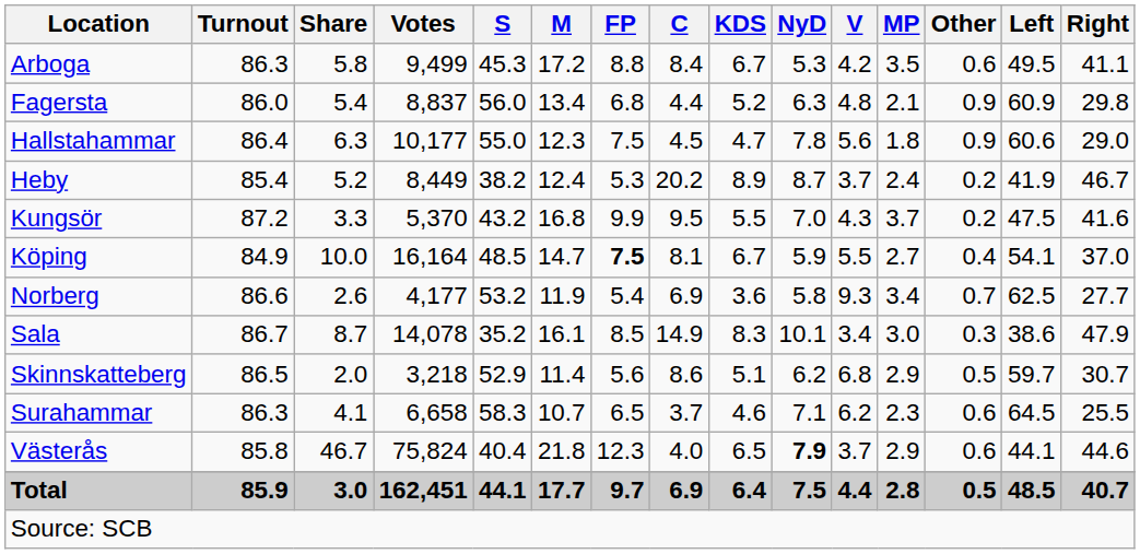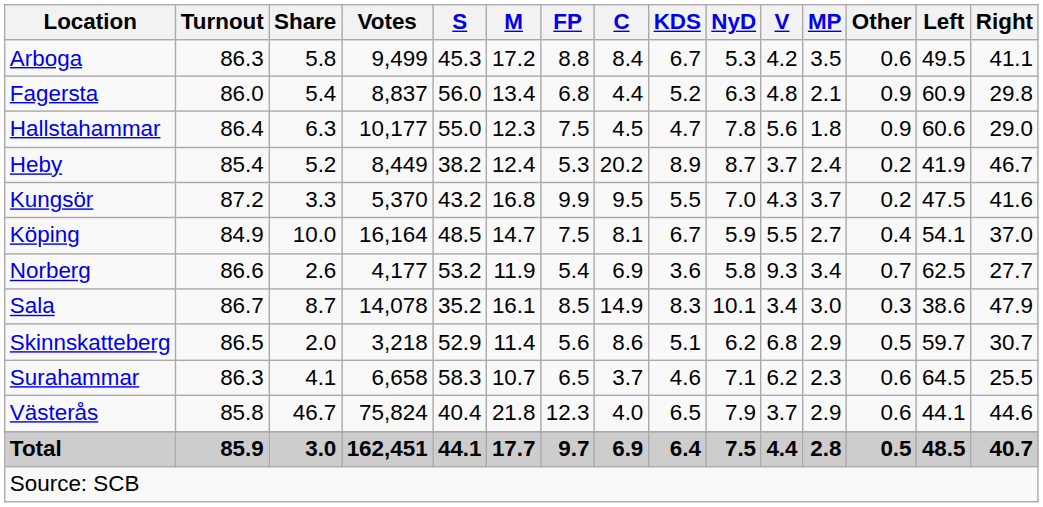 <table class="wikitable sortable" style=text-align:right>
 <tr>
 <th>Location</th>
 <th>Turnout</th>
 <th>Share</th>
 <th>Votes</th>
 <th><a href='#'>S</a></th>
 <th><a href='#'>M</a></th>
 <th><a href='#'>FP</a></th>
 <th><a href='#'>C</a></th>
 <th><a href='#'>KDS</a></th>
 <th><a href='#'>NyD</a></th>
 <th><a href='#'>V</a></th>
 <th><a href='#'>MP</a></th>
 <th>Other</th>
 <th>Left</th>
 <th>Right</th>
 </tr>
 <tr>
 <td align=left><a href='#'>Arboga</a></td>
 <td>86.3</td>
 <td>5.8</td>
 <td>9,499</td>
 <td>45.3</td>
 <td>17.2</td>
 <td>8.8</td>
 <td>8.4</td>
 <td>6.7</td>
 <td>5.3</td>
 <td>4.2</td>
 <td>3.5</td>
 <td>0.6</td>
 <td>49.5</td>
 <td>41.1</td>
 </tr>
 <tr>
 <td align=left><a href='#'>Fagersta</a></td>
 <td>86.0</td>
 <td>5.4</td>
 <td>8,837</td>
 <td>56.0</td>
 <td>13.4</td>
 <td>6.8</td>
 <td>4.4</td>
 <td>5.2</td>
 <td>6.3</td>
 <td>4.8</td>
 <td>2.1</td>
 <td>0.9</td>
 <td>60.9</td>
 <td>29.8</td>
 </tr>
 <tr>
 <td align=left><a href='#'>Hallstahammar</a></td>
 <td>86.4</td>
 <td>6.3</td>
 <td>10,177</td>
 <td>55.0</td>
 <td>12.3</td>
 <td>7.5</td>
 <td>4.5</td>
 <td>4.7</td>
 <td>7.8</td>
 <td>5.6</td>
 <td>1.8</td>
 <td>0.9</td>
 <td>60.6</td>
 <td>29.0</td>
 </tr>
 <tr>
 <td align=left><a href='#'>Heby</a></td>
 <td>85.4</td>
 <td>5.2</td>
 <td>8,449</td>
 <td>38.2</td>
 <td>12.4</td>
 <td>5.3</td>
 <td>20.2</td>
 <td>8.9</td>
 <td>8.7</td>
 <td>3.7</td>
 <td>2.4</td>
 <td>0.2</td>
 <td>41.9</td>
 <td>46.7</td>
 </tr>
 <tr>
 <td align=left><a href='#'>Kungsör</a></td>
 <td>87.2</td>
 <td>3.3</td>
 <td>5,370</td>
 <td>43.2</td>
 <td>16.8</td>
 <td>9.9</td>
 <td>9.5</td>
 <td>5.5</td>
 <td>7.0</td>
 <td>4.3</td>
 <td>3.7</td>
 <td>0.2</td>
 <td>47.5</td>
 <td>41.6</td>
 </tr>
 <tr>
 <td align=left><a href='#'>Köping</a></td>
 <td>84.9</td>
 <td>10.0</td>
 <td>16,164</td>
 <td>48.5</td>
 <td>14.7</td>
-<td><strong>7.5</strong></td>
+<td>7.5</td>
 <td>8.1</td>
 <td>6.7</td>
 <td>5.9</td>
 <td>5.5</td>
 <td>2.7</td>
 <td>0.4</td>
 <td>54.1</td>
 <td>37.0</td>
 </tr>
 <tr>
 <td align=left><a href='#'>Norberg</a></td>
 <td>86.6</td>
 <td>2.6</td>
 <td>4,177</td>
 <td>53.2</td>
 <td>11.9</td>
 <td>5.4</td>
 <td>6.9</td>
 <td>3.6</td>
 <td>5.8</td>
 <td>9.3</td>
 <td>3.4</td>
 <td>0.7</td>
 <td>62.5</td>
 <td>27.7</td>
 </tr>
 <tr>
 <td align=left><a href='#'>Sala</a></td>
 <td>86.7</td>
 <td>8.7</td>
 <td>14,078</td>
 <td>35.2</td>
 <td>16.1</td>
 <td>8.5</td>
 <td>14.9</td>
 <td>8.3</td>
 <td>10.1</td>
 <td>3.4</td>
 <td>3.0</td>
 <td>0.3</td>
 <td>38.6</td>
 <td>47.9</td>
 </tr>
 <tr>
 <td align=left><a href='#'>Skinnskatteberg</a></td>
 <td>86.5</td>
 <td>2.0</td>
 <td>3,218</td>
 <td>52.9</td>
 <td>11.4</td>
 <td>5.6</td>
 <td>8.6</td>
 <td>5.1</td>
 <td>6.2</td>
 <td>6.8</td>
 <td>2.9</td>
 <td>0.5</td>
 <td>59.7</td>
 <td>30.7</td>
 </tr>
 <tr>
 <td align=left><a href='#'>Surahammar</a></td>
 <td>86.3</td>
 <td>4.1</td>
 <td>6,658</td>
 <td>58.3</td>
 <td>10.7</td>
 <td>6.5</td>
 <td>3.7</td>
 <td>4.6</td>
 <td>7.1</td>
 <td>6.2</td>
 <td>2.3</td>
 <td>0.6</td>
 <td>64.5</td>
 <td>25.5</td>
 </tr>
 <tr>
 <td align=left><a href='#'>Västerås</a></td>
 <td>85.8</td>
 <td>46.7</td>
 <td>75,824</td>
 <td>40.4</td>
 <td>21.8</td>
 <td>12.3</td>
 <td>4.0</td>
 <td>6.5</td>
-<td><strong>7.9</strong></td>
+<td>7.9</td>
 <td>3.7</td>
 <td>2.9</td>
 <td>0.6</td>
 <td>44.1</td>
 <td>44.6</td>
 </tr>
 <tr>
 </tr>
 <tr style="background:#CDCDCD;">
 <td align=left><strong>Total</strong></td>
 <td><strong>85.9</strong></td>
 <td><strong>3.0</strong></td>
 <td><strong>162,451</strong></td>
 <td><strong>44.1</strong></td>
 <td><strong>17.7</strong></td>
 <td><strong>9.7</strong></td>
 <td><strong>6.9</strong></td>
 <td><strong>6.4</strong></td>
 <td><strong>7.5</strong></td>
 <td><strong>4.4</strong></td>
 <td><strong>2.8</strong></td>
 <td><strong>0.5</strong></td>
 <td><strong>48.5</strong></td>
 <td><strong>40.7</strong></td>
 </tr>
 <tr>
 <td align=left colspan=15>Source: SCB </td>
 </tr>
 </table>
